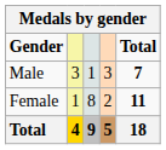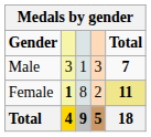 <table class="wikitable" style="text-align:center;font-size:90%">
 <tr style="background:#efefef;">
 <th colspan=7>Medals by gender</th>
 </tr>
 <tr>
 <td><strong>Gender</strong></td>
 <td bgcolor=#f7f6a8></td>
 <td bgcolor=#dce5e5></td>
 <td bgcolor=#ffdab9></td>
 <td><strong>Total</strong></td>
 </tr>
 <tr>
 <td style="text-align:left;">Male</td>
 <td style="background:#F7F6A8;">3</td>
 <td style="background:#DCE5E5;">1</td>
 <td style="background:#FFDAB9;">3</td>
 <td><strong>7</strong></td>
 </tr>
 <tr>
 <td style="text-align:left;">Female</td>
-<td style="background:#F7F6A8;">1</td>
+<td style="background:#F7F6A8;"><strong>1</strong></td>
 <td style="background:#DCE5E5;">8</td>
 <td style="background:#FFDAB9;">2</td>
-<td><strong>11</strong></td>
+<td style="background: khaki;"><strong>11</strong></td>
 </tr>
 <tr>
 <th style="text-align:left;">Total</th>
 <th style="background:gold;">4</th>
 <th style="background:silver;">9</th>
 <th style="background:#c96;">5</th>
 <th>18</th>
 </tr>
 </table>
